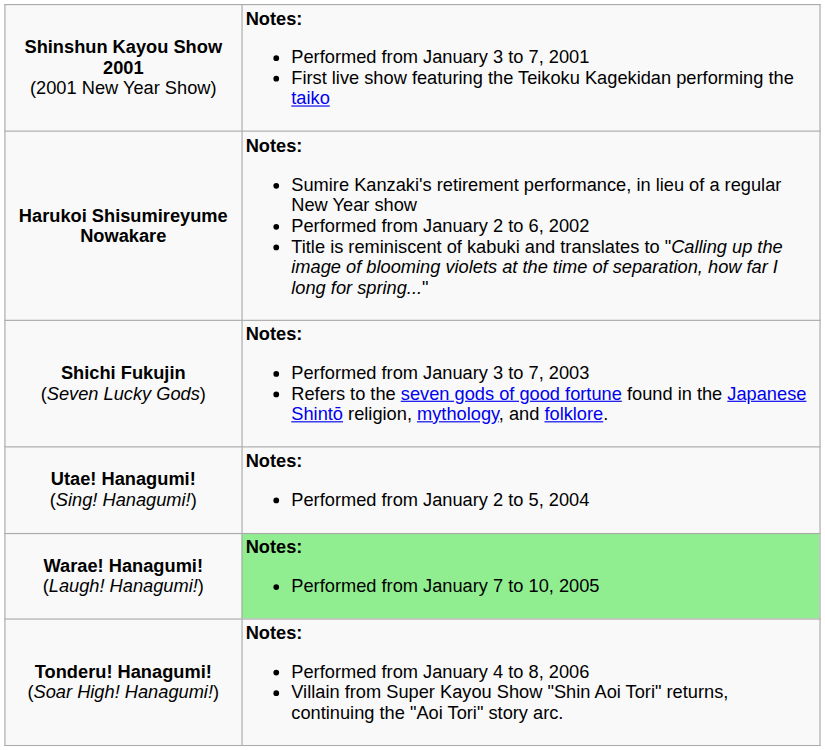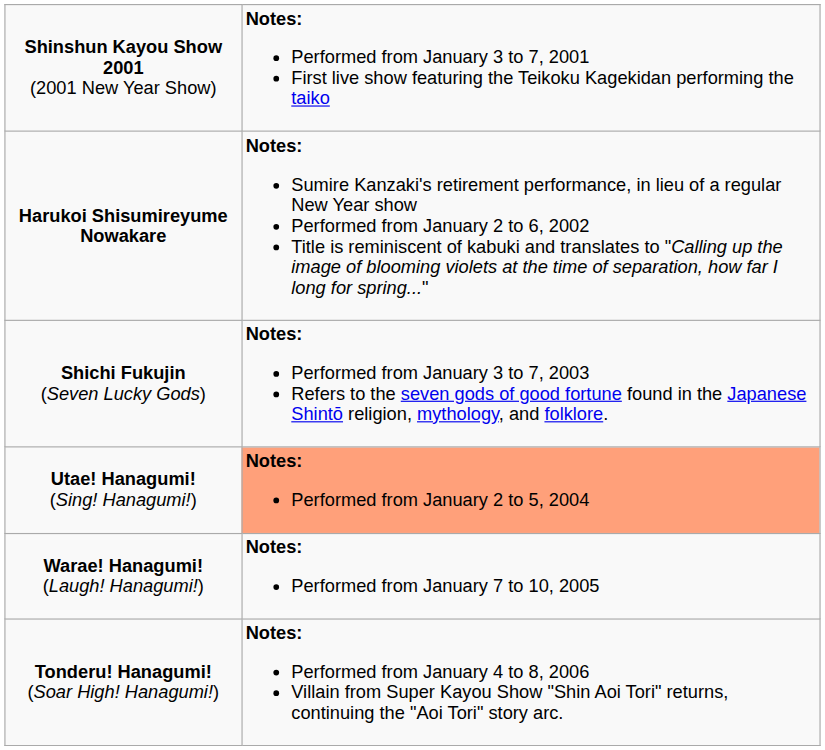 <table class="wikitable" style="margin: 1em auto 1em auto">
 <tr>
 <td width="200pt" valign="center" align="center"><strong>Shinshun Kayou Show 2001</strong><br>(2001 New Year Show)</td>
 <td width="500pt" valign="top" align="left"><strong>Notes:</strong><br><ul><li>Performed from January 3 to 7, 2001</li><li>First live show featuring the Teikoku Kagekidan performing the <a href='#'>taiko</a></li></ul></td>
 </tr>
 <tr>
 <td width="200pt" valign="center" align="center"><strong>Harukoi Shisumireyume Nowakare</strong></td>
 <td width="500pt" valign="top" align="left"><strong>Notes:</strong><br><ul><li>Sumire Kanzaki's retirement performance, in lieu of a regular New Year show</li><li>Performed from January 2 to 6, 2002</li><li>Title is reminiscent of kabuki and translates to "<em>Calling up the image of blooming violets at the time of separation, how far I long for spring...</em>"</li></ul></td>
 </tr>
 <tr>
 <td width="200pt" valign="center" align="center"><strong>Shichi Fukujin</strong><br>(<em>Seven Lucky Gods</em>)</td>
 <td width="500pt" valign="top" align="left"><strong>Notes:</strong><br><ul><li>Performed from January 3 to 7, 2003</li><li>Refers to the <a href='#'>seven gods of good fortune</a> found in the <a href='#'>Japanese</a> <a href='#'>Shintō</a> religion, <a href='#'>mythology</a>, and <a href='#'>folklore</a>.</li></ul></td>
 </tr>
 <tr>
 <td width="200pt" valign="center" align="center"><strong>Utae! Hanagumi!</strong><br>(<em>Sing! Hanagumi!</em>)</td>
-<td width="500pt" valign="top" align="left"><strong>Notes:</strong><br><ul><li>Performed from January 2 to 5, 2004</li></ul></td>
+<td width="500pt" valign="top" align="left" style="background: lightsalmon;"><strong>Notes:</strong><br><ul><li>Performed from January 2 to 5, 2004</li></ul></td>
 </tr>
 <tr>
 <td width="200pt" valign="center" align="center"><strong>Warae! Hanagumi!</strong><br>(<em>Laugh! Hanagumi!</em>)</td>
-<td width="500pt" valign="top" align="left" style="background: lightgreen;"><strong>Notes:</strong><br><ul><li>Performed from January 7 to 10, 2005</li></ul></td>
+<td width="500pt" valign="top" align="left"><strong>Notes:</strong><br><ul><li>Performed from January 7 to 10, 2005</li></ul></td>
 </tr>
 <tr>
 <td width="200pt" valign="center" align="center"><strong>Tonderu! Hanagumi!</strong><br>(<em>Soar High! Hanagumi!</em>)</td>
 <td width="500pt" valign="top" align="left"><strong>Notes:</strong><br><ul><li>Performed from January 4 to 8, 2006</li><li>Villain from Super Kayou Show "Shin Aoi Tori" returns, continuing the "Aoi Tori" story arc.</li></ul></td>
 </tr>
 </table>
